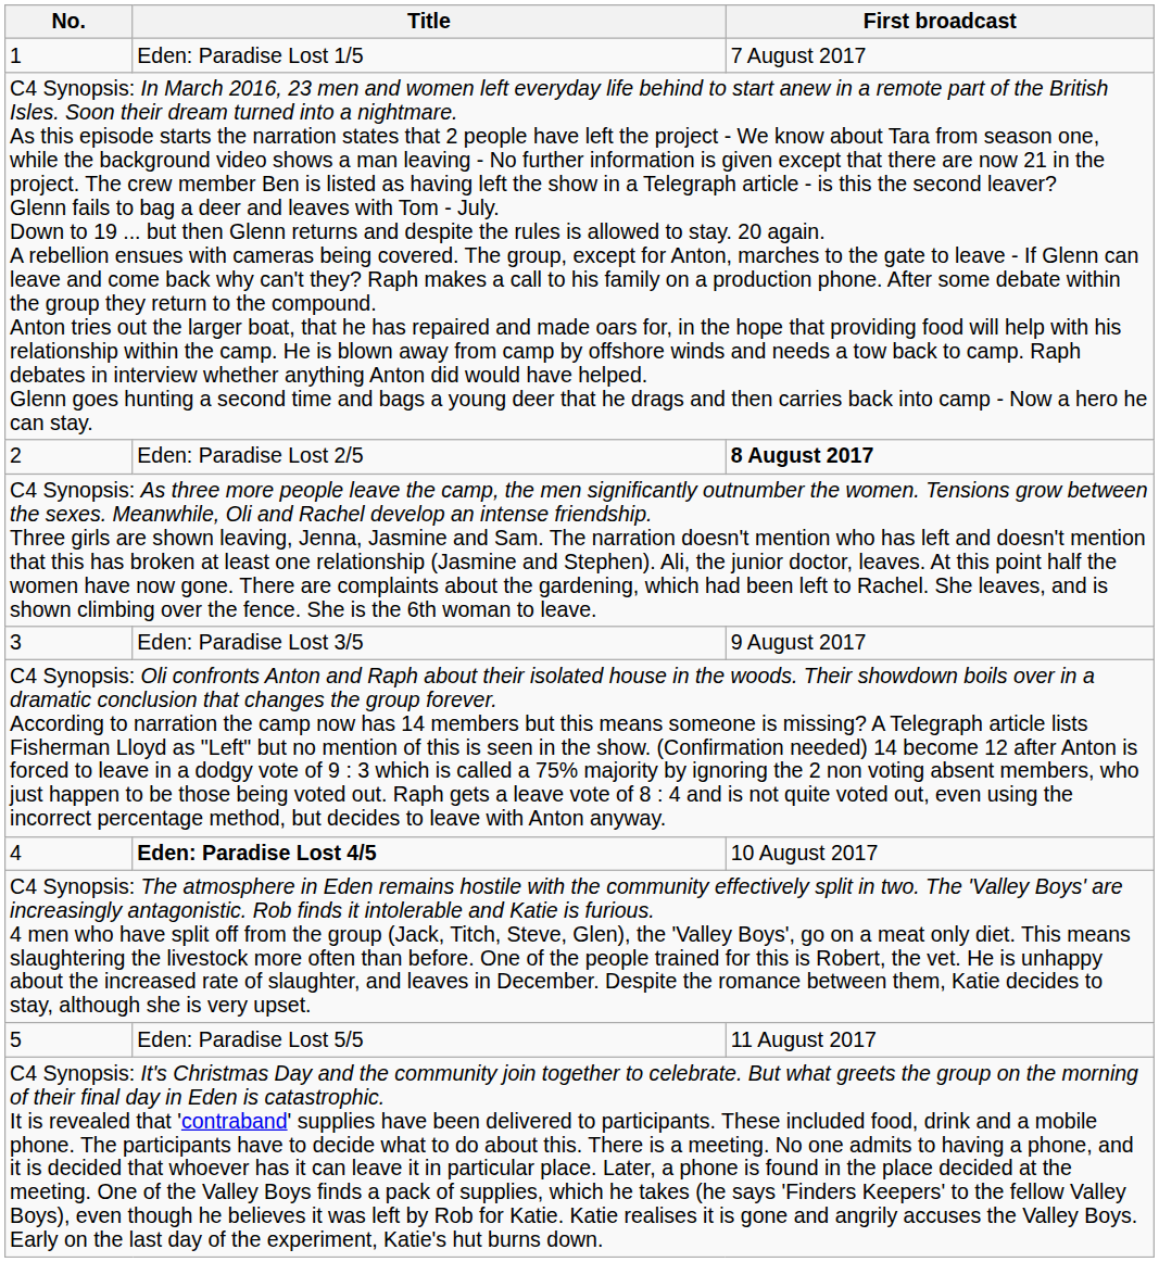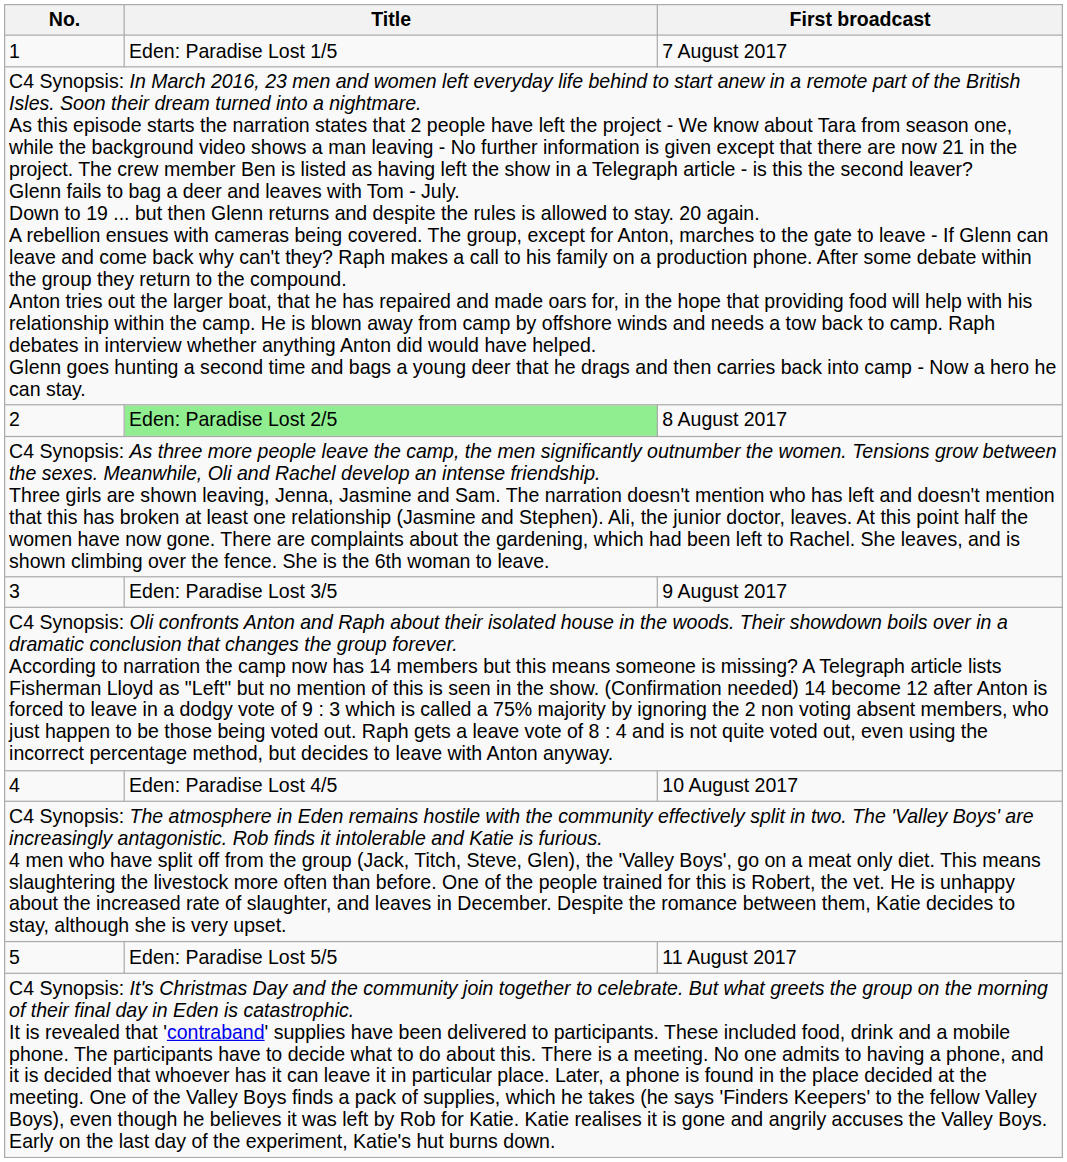 <table class="wikitable">
 <tr>
 <th>No.</th>
 <th>Title</th>
 <th>First broadcast</th>
 </tr>
 <tr>
 <td>1</td>
 <td>Eden: Paradise Lost 1/5</td>
 <td>7 August 2017</td>
 </tr>
 <tr>
 <td colspan="3">C4 Synopsis: <em>In March 2016, 23 men and women left everyday life behind to start anew in a remote part of the British Isles. Soon their dream turned into a nightmare.</em><br>As this episode starts the narration states that 2 people have left the project - We know about Tara from season one, while the background video shows a man leaving - No further information is given except that there are now 21 in the project. The crew member Ben is listed as having left the show in a Telegraph article - is this the second leaver?<br>Glenn fails to bag a deer and leaves with Tom - July.<br>Down to 19 ... but then Glenn returns and despite the rules is allowed to stay. 20 again.<br>A rebellion ensues with cameras being covered. The group, except for Anton, marches to the gate to leave - If Glenn can leave and come back why can't they? Raph makes a call to his family on a production phone. After some debate within the group they return to the compound.<br>Anton tries out the larger boat, that he has repaired and made oars for, in the hope that providing food will help with his relationship within the camp. He is blown away from camp by offshore winds and needs a tow back to camp. Raph debates in interview whether anything Anton did would have helped.<br>Glenn goes hunting a second time and bags a young deer that he drags and then carries back into camp - Now a hero he can stay.</td>
 </tr>
 <tr>
 <td>2</td>
-<td>Eden: Paradise Lost 2/5</td>
-<td><strong>8 August 2017</strong></td>
+<td style="background: lightgreen;">Eden: Paradise Lost 2/5</td>
+<td>8 August 2017</td>
 </tr>
 <tr>
 <td colspan="3">C4 Synopsis: <em>As three more people leave the camp, the men significantly outnumber the women. Tensions grow between the sexes. Meanwhile, Oli and Rachel develop an intense friendship.</em><br>Three girls are shown leaving, Jenna, Jasmine and Sam. The narration doesn't mention who has left and doesn't mention that this has broken at least one relationship (Jasmine and Stephen). Ali, the junior doctor, leaves. At this point half the women have now gone. There are complaints about the gardening, which had been left to Rachel. She leaves, and is shown climbing over the fence. She is the 6th woman to leave.</td>
 </tr>
 <tr>
 <td>3</td>
 <td>Eden: Paradise Lost 3/5</td>
 <td>9 August 2017</td>
 </tr>
 <tr>
 <td colspan="3">C4 Synopsis: <em>Oli confronts Anton and Raph about their isolated house in the woods. Their showdown boils over in a dramatic conclusion that changes the group forever.</em><br>According to narration the camp now has 14 members but this means someone is missing? A Telegraph article lists Fisherman Lloyd as "Left" but no mention of this is seen in the show. (Confirmation needed) 14 become 12 after Anton is forced to leave in a dodgy vote of 9 : 3 which is called a 75% majority by ignoring the 2 non voting absent members, who just happen to be those being voted out. Raph gets a leave vote of 8 : 4 and is not quite voted out, even using the incorrect percentage method, but decides to leave with Anton anyway.</td>
 </tr>
 <tr>
 <td>4</td>
-<td><strong>Eden: Paradise Lost 4/5</strong></td>
+<td>Eden: Paradise Lost 4/5</td>
 <td>10 August 2017</td>
 </tr>
 <tr>
 <td colspan="3">C4 Synopsis: <em>The atmosphere in Eden remains hostile with the community effectively split in two. The 'Valley Boys' are increasingly antagonistic. Rob finds it intolerable and Katie is furious.</em><br>4 men who have split off from the group (Jack, Titch, Steve, Glen), the 'Valley Boys', go on a meat only diet. This means slaughtering the livestock more often than before. One of the people trained for this is Robert, the vet. He is unhappy about the increased rate of slaughter, and leaves in December. Despite the romance between them, Katie decides to stay, although she is very upset.</td>
 </tr>
 <tr>
 <td>5</td>
 <td>Eden: Paradise Lost 5/5</td>
 <td>11 August 2017</td>
 </tr>
 <tr>
 <td colspan="3">C4 Synopsis: <em>It's Christmas Day and the community join together to celebrate. But what greets the group on the morning of their final day in Eden is catastrophic.</em><br>It is revealed that '<a href='#'>contraband</a>' supplies have been delivered to participants. These included food, drink and a mobile phone. The participants have to decide what to do about this. There is a meeting. No one admits to having a phone, and it is decided that whoever  has it can leave it in particular place. Later, a phone is found in the place decided at the meeting. One of the Valley Boys finds a pack of supplies, which he takes (he says 'Finders Keepers' to the fellow Valley Boys), even though he believes it was left by Rob for Katie. Katie realises it is gone and angrily accuses the Valley Boys. Early on the last day of the experiment, Katie's hut burns down.</td>
 </tr>
 </table>
